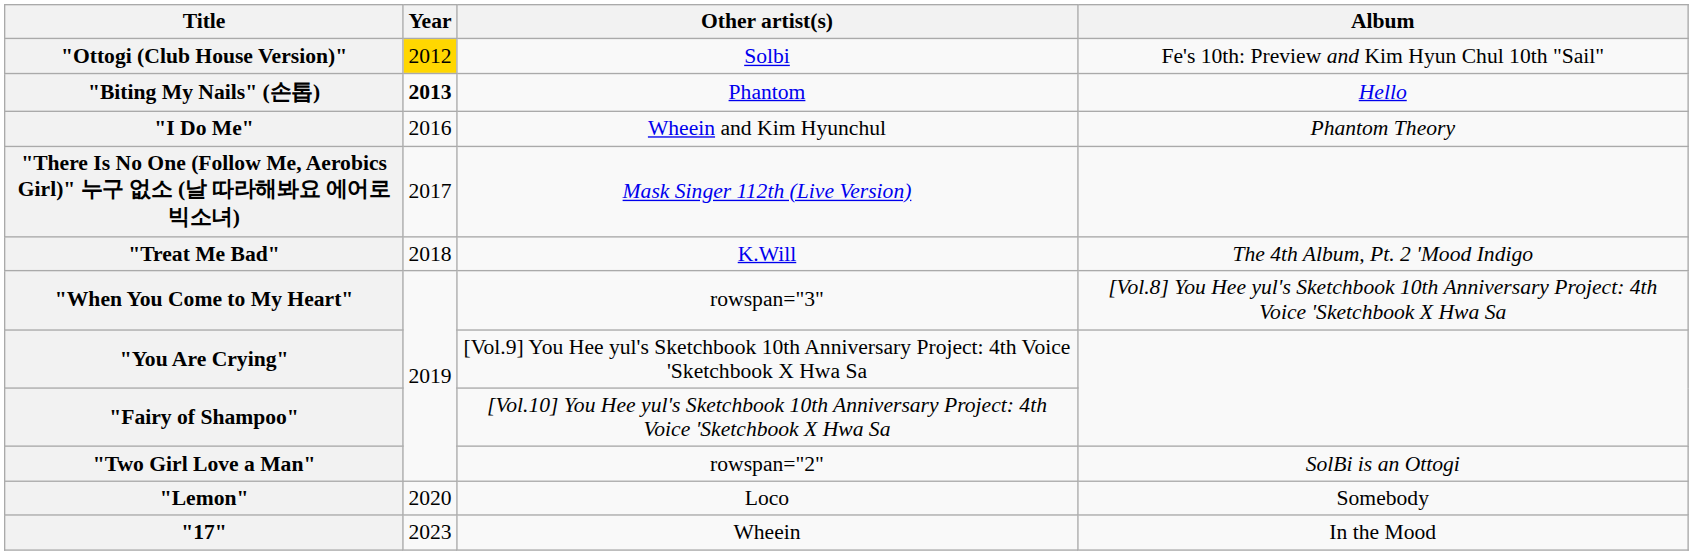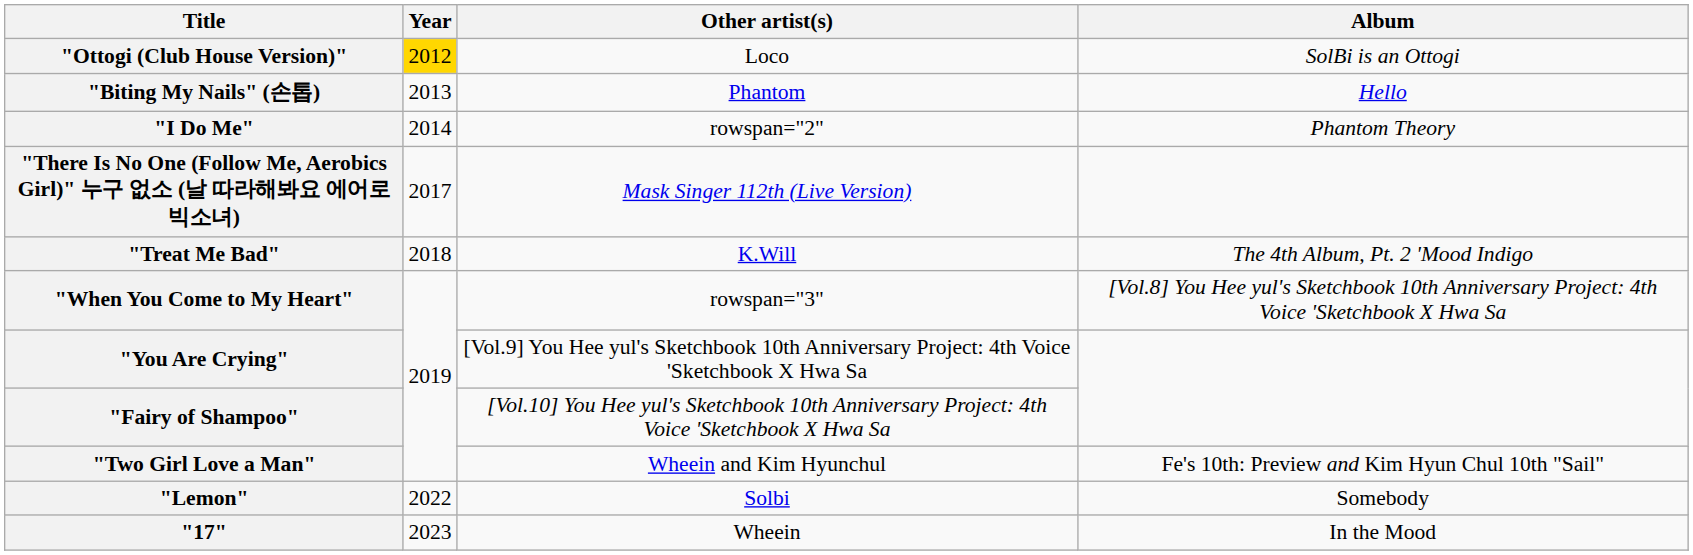 <table class="wikitable plainrowheaders" style="text-align:center;">
 <tr>
 <th scope="col"  style="width:18em;">Title</th>
 <th scope="col">Year</th>
 <th scope="col">Other artist(s)</th>
 <th scope="col">Album</th>
 </tr>
 <tr>
 <th scope="row">"Ottogi (Club House Version)"</th>
 <td style="background: gold;">2012</td>
-<td><a href='#'>Solbi</a></td>
-<td></em>Fe's 10th: Preview<em> and </em>Kim Hyun Chul 10th "Sail"<em></td>
+<td>Loco</td>
+<td><em>SolBi is an Ottogi</em></td>
 </tr>
 <tr>
 <th scope="row">"Biting My Nails" (손톱)</th>
-<td><strong>2013</strong></td>
+<td>2013</td>
 <td><a href='#'>Phantom</a></td>
 <td><em><a href='#'>Hello</a></em></td>
 </tr>
 <tr>
 <th scope="row">"I Do Me"</th>
-<td>2016</td>
-<td><a href='#'>Wheein</a> and Kim Hyunchul</td>
+<td>2014</td>
+<td>rowspan="2" </td>
 <td><em>Phantom Theory</em></td>
 </tr>
 <tr>
 <th scope="row">"There Is No One (Follow Me, Aerobics Girl)" 누구 없소 (날 따라해봐요 에어로빅소녀)</th>
 <td>2017</td>
 <td><em><a href='#'>Mask Singer 112th (Live Version)</a></em></td>
 </tr>
 <tr>
 <th scope="row">"Treat Me Bad"</th>
 <td>2018</td>
 <td><a href='#'>K.Will</a></td>
 <td><em>The 4th Album, Pt. 2 'Mood Indigo</em></td>
 </tr>
 <tr>
 <th scope="row">"When You Come to My Heart"</th>
 <td rowspan="4">2019</td>
 <td>rowspan="3" </td>
 <td><em>[Vol.8] You Hee yul's Sketchbook 10th Anniversary Project: 4th Voice 'Sketchbook X Hwa Sa<strong></td>
 </tr>
 <tr>
 <th scope="row">"You Are Crying"</th>
 <td></em>[Vol.9] You Hee yul's Sketchbook 10th Anniversary Project: 4th Voice 'Sketchbook X Hwa Sa</strong></td>
 </tr>
 <tr>
 <th scope="row">"Fairy of Shampoo"</th>
 <td><em>[Vol.10] You Hee yul's Sketchbook 10th Anniversary Project: 4th Voice 'Sketchbook X Hwa Sa<strong></td>
 </tr>
 <tr>
 <th scope="row">"Two Girl Love a Man"</th>
-<td>rowspan="2" </td>
-<td><em>SolBi is an Ottogi</em></td>
+<td><a href='#'>Wheein</a> and Kim Hyunchul</td>
+<td></em>Fe's 10th: Preview<em> and </em>Kim Hyun Chul 10th "Sail"<em></td>
 </tr>
 <tr>
 <th scope="row">"Lemon"</th>
-<td>2020</td>
-<td>Loco</td>
+<td>2022</td>
+<td><a href='#'>Solbi</a></td>
 <td></em>Somebody<em></td>
 </tr>
 <tr>
 <th scope="row">"17"</th>
 <td>2023</td>
 <td>Wheein</td>
 <td></em>In the Mood<em></td>
 </tr>
 </table>
